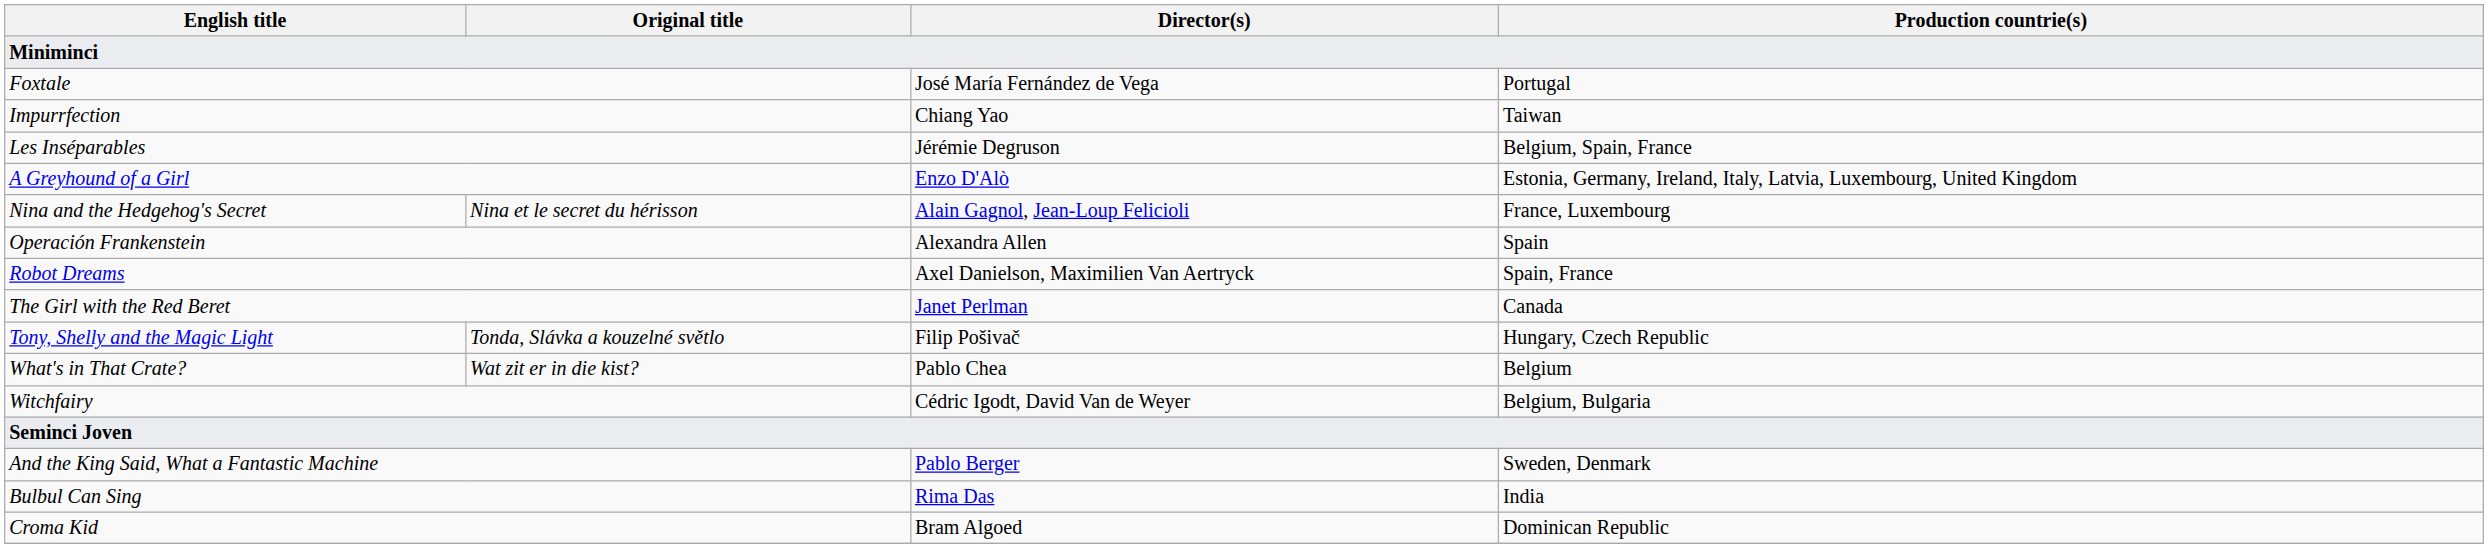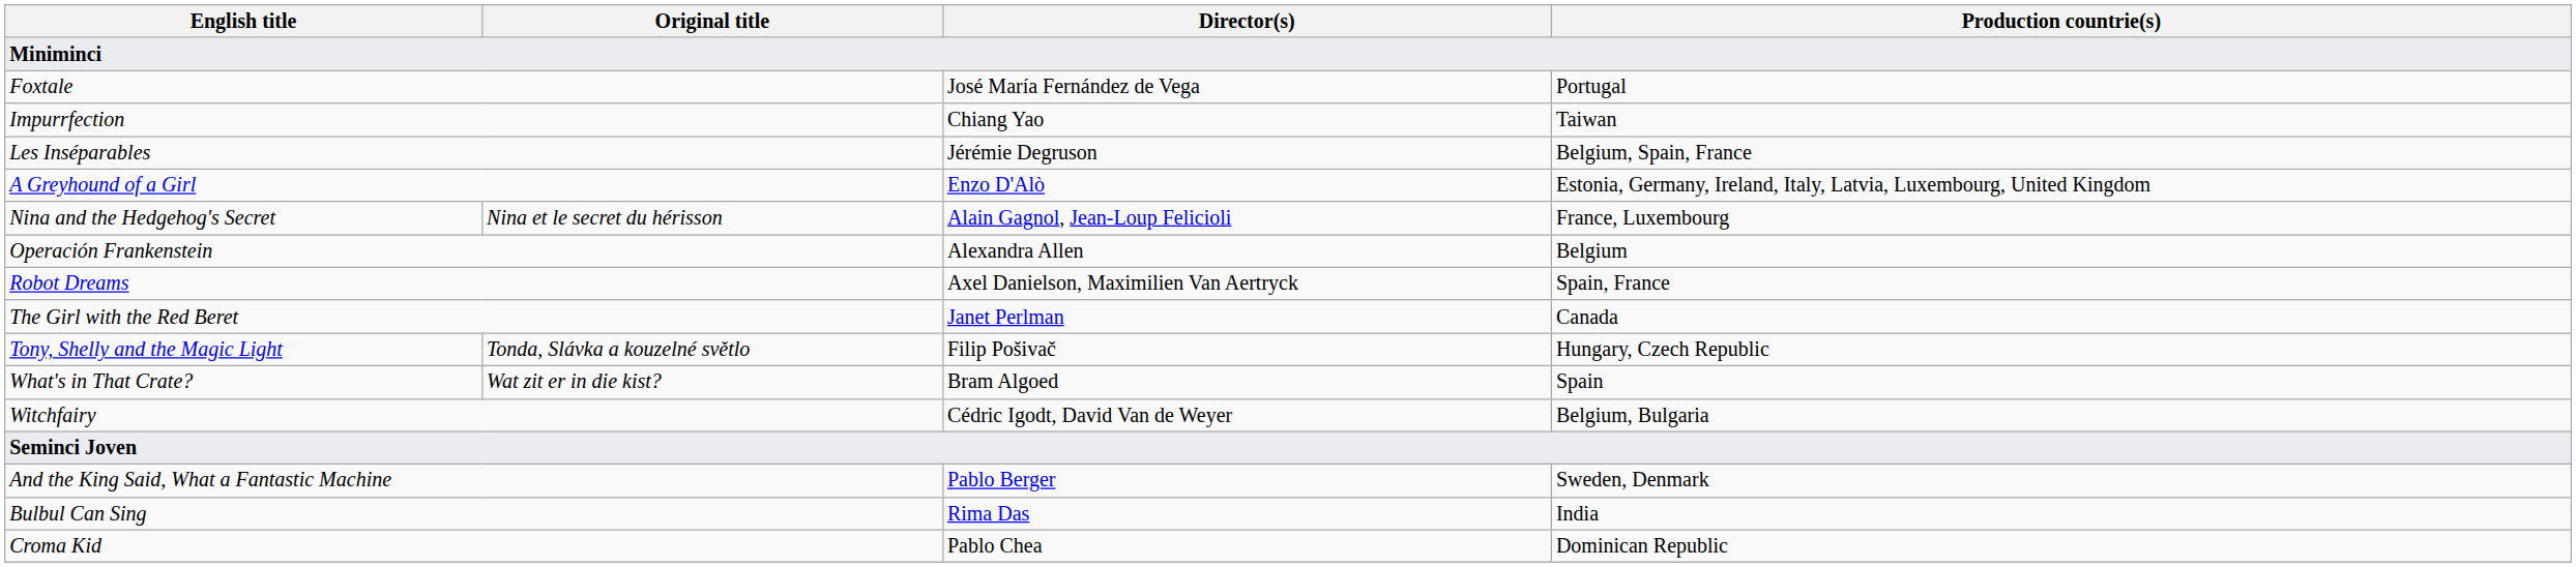 <table class="sortable wikitable" style="width:100%; margin-bottom:4px" cellpadding="5">
 <tr>
 <th scope="col">English title</th>
 <th scope="col">Original title</th>
 <th scope="col">Director(s)</th>
 <th scope="col">Production countrie(s)</th>
 </tr>
 <tr>
 <td colspan=4 class="center" style="padding-center:120px; background-color:#EAECF0"><strong>Miniminci</strong></td>
 </tr>
 <tr>
 <td colspan="2"><em>Foxtale</em></td>
 <td>José María Fernández de Vega</td>
 <td>Portugal</td>
 </tr>
 <tr>
 <td colspan="2"><em>Impurrfection</em></td>
 <td>Chiang Yao</td>
 <td>Taiwan</td>
 </tr>
 <tr>
 <td colspan="2"><em>Les Inséparables</em></td>
 <td>Jérémie Degruson</td>
 <td>Belgium, Spain, France</td>
 </tr>
 <tr>
 <td colspan="2"><em><a href='#'>A Greyhound of a Girl</a></em></td>
 <td><a href='#'>Enzo D'Alò</a></td>
 <td>Estonia, Germany, Ireland, Italy, Latvia, Luxembourg, United Kingdom</td>
 </tr>
 <tr>
 <td><em>Nina and the Hedgehog's Secret</em></td>
 <td><em>Nina et le secret du hérisson</em></td>
 <td><a href='#'>Alain Gagnol</a>, <a href='#'>Jean-Loup Felicioli</a></td>
 <td>France, Luxembourg</td>
 </tr>
 <tr>
 <td colspan="2"><em>Operación Frankenstein</em></td>
 <td>Alexandra Allen</td>
-<td>Spain</td>
+<td>Belgium</td>
 </tr>
 <tr>
 <td colspan="2"><em><a href='#'>Robot Dreams</a></em></td>
 <td>Axel Danielson, Maximilien Van Aertryck</td>
 <td>Spain, France</td>
 </tr>
 <tr>
 <td colspan="2"><em>The Girl with the Red Beret</em></td>
 <td><a href='#'>Janet Perlman</a></td>
 <td>Canada</td>
 </tr>
 <tr>
 <td><em><a href='#'>Tony, Shelly and the Magic Light</a></em></td>
 <td><em>Tonda, Slávka a kouzelné světlo</em></td>
 <td>Filip Pošivač</td>
 <td>Hungary, Czech Republic</td>
 </tr>
 <tr>
 <td><em>What's in That Crate?</em></td>
 <td><em>Wat zit er in die kist?</em></td>
-<td>Pablo Chea</td>
-<td>Belgium</td>
+<td>Bram Algoed</td>
+<td>Spain</td>
 </tr>
 <tr>
 <td colspan="2"><em>Witchfairy</em></td>
 <td>Cédric Igodt, David Van de Weyer</td>
 <td>Belgium, Bulgaria</td>
 </tr>
 <tr>
 <td colspan=4 class="center" style="padding-center:120px; background-color:#EAECF0"><strong>Seminci Joven</strong></td>
 </tr>
 <tr>
 <td colspan="2"><em>And the King Said, What a Fantastic Machine</em></td>
 <td><a href='#'>Pablo Berger</a></td>
 <td>Sweden, Denmark</td>
 </tr>
 <tr>
 <td colspan="2"><em>Bulbul Can Sing</em></td>
 <td><a href='#'>Rima Das</a></td>
 <td>India</td>
 </tr>
 <tr>
 <td colspan="2"><em>Croma Kid</em></td>
-<td>Bram Algoed</td>
+<td>Pablo Chea</td>
 <td>Dominican Republic</td>
 </tr>
 <tr>
 </tr>
 </table>
